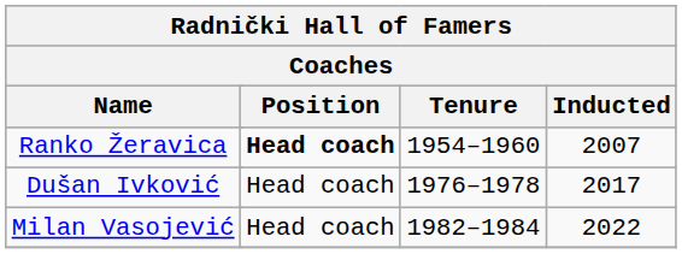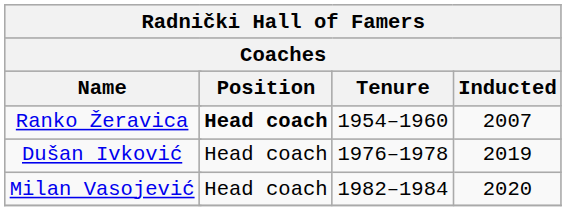 <table class="wikitable" style="text-align:center">
 <tr>
 <th colspan="5">Radnički Hall of Famers</th>
 </tr>
 <tr>
 <th colspan="5">Coaches</th>
 </tr>
 <tr>
 <th colspan=2>Name</th>
 <th>Position</th>
 <th>Tenure</th>
 <th>Inducted</th>
 </tr>
 <tr>
 <td colspan=2><a href='#'>Ranko Žeravica</a></td>
 <td><strong>Head coach</strong></td>
 <td>1954–1960</td>
 <td>2007</td>
 </tr>
 <tr>
 <td colspan=2><a href='#'>Dušan Ivković</a></td>
 <td>Head coach</td>
 <td>1976–1978</td>
-<td>2017</td>
+<td>2019</td>
 </tr>
 <tr>
 <td colspan=2><a href='#'>Milan Vasojević</a></td>
 <td>Head coach</td>
 <td>1982–1984</td>
-<td>2022</td>
+<td>2020</td>
 </tr>
 <tr>
 </tr>
 </table>
